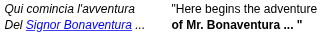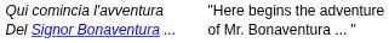 <table>
 <tr align=left>
 <td style="padding-left:2em"><em>Qui comincia l'avventura</em></td>
 <td style="padding-left:2em">"Here begins the adventure</td>
 </tr>
 <tr align=left>
 <td style="padding-left:2em"><em>Del <a href='#'>Signor Bonaventura</a> ...</em></td>
-<td style="padding-left:2em"><strong>of Mr. Bonaventura ... "</strong></td>
+<td style="padding-left:2em">of Mr. Bonaventura ... "</td>
 </tr>
 </table>
